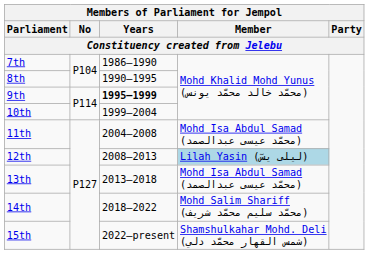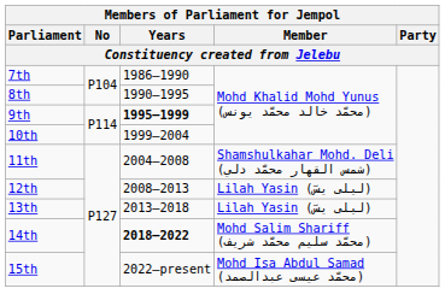 <table class=wikitable>
 <tr>
 <th colspan="5">Members of Parliament for Jempol</th>
 </tr>
 <tr>
 <th>Parliament</th>
 <th>No</th>
 <th>Years</th>
 <th>Member</th>
 <th>Party</th>
 </tr>
 <tr>
 <th colspan="5" align="center"><em>Constituency created from <a href='#'>Jelebu</a></em></th>
 </tr>
 <tr>
 <td><a href='#'>7th</a></td>
 <td rowspan="2">P104</td>
 <td>1986–1990</td>
 <td rowspan=4><a href='#'>Mohd Khalid Mohd Yunus</a> <br> (محمّد خالد محمّد يونس)</td>
 <td rowspan="9"></td>
 </tr>
 <tr>
 <td><a href='#'>8th</a></td>
 <td>1990–1995</td>
 </tr>
 <tr>
 <td><a href='#'>9th</a></td>
 <td rowspan="2">P114</td>
 <td><strong>1995–1999</strong></td>
 </tr>
 <tr>
 <td><a href='#'>10th</a></td>
 <td>1999–2004</td>
 </tr>
 <tr>
 <td><a href='#'>11th</a></td>
 <td rowspan="5">P127</td>
 <td>2004–2008</td>
-<td><a href='#'>Mohd Isa Abdul Samad</a> <br> (محمّد عيسى عبدالصمد)</td>
+<td><a href='#'>Shamshulkahar Mohd. Deli</a>  <br>(شمس القهار محمّد دلي)</td>
 </tr>
 <tr>
 <td><a href='#'>12th</a></td>
 <td>2008–2013</td>
-<td style="background: lightblue;"><a href='#'>Lilah Yasin</a> (ليلى يسٓ)</td>
+<td><a href='#'>Lilah Yasin</a> (ليلى يسٓ)</td>
 </tr>
 <tr>
 <td><a href='#'>13th</a></td>
 <td>2013–2018</td>
-<td><a href='#'>Mohd Isa Abdul Samad</a> <br> (محمّد عيسى عبدالصمد)</td>
+<td><a href='#'>Lilah Yasin</a> (ليلى يسٓ)</td>
 </tr>
 <tr>
 <td><a href='#'>14th</a></td>
-<td>2018–2022</td>
+<td><strong>2018–2022</strong></td>
 <td><a href='#'>Mohd Salim Shariff</a> <br> (محمّد سليم محمّد شريف)</td>
 </tr>
 <tr>
 <td><a href='#'>15th</a></td>
 <td>2022–present</td>
-<td><a href='#'>Shamshulkahar Mohd. Deli</a>  <br>(شمس القهار محمّد دلي)</td>
+<td><a href='#'>Mohd Isa Abdul Samad</a> <br> (محمّد عيسى عبدالصمد)</td>
 </tr>
 </table>
